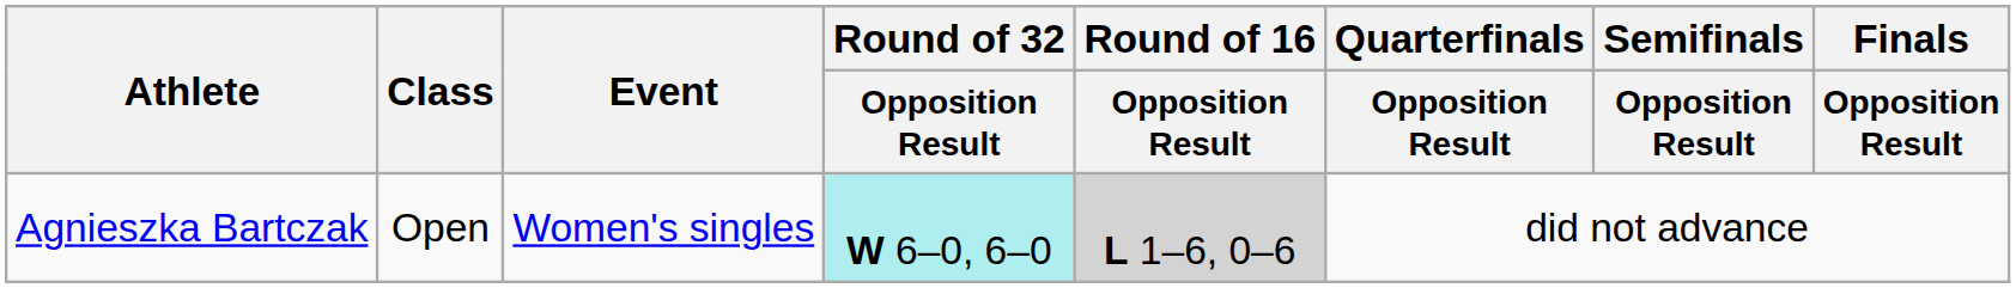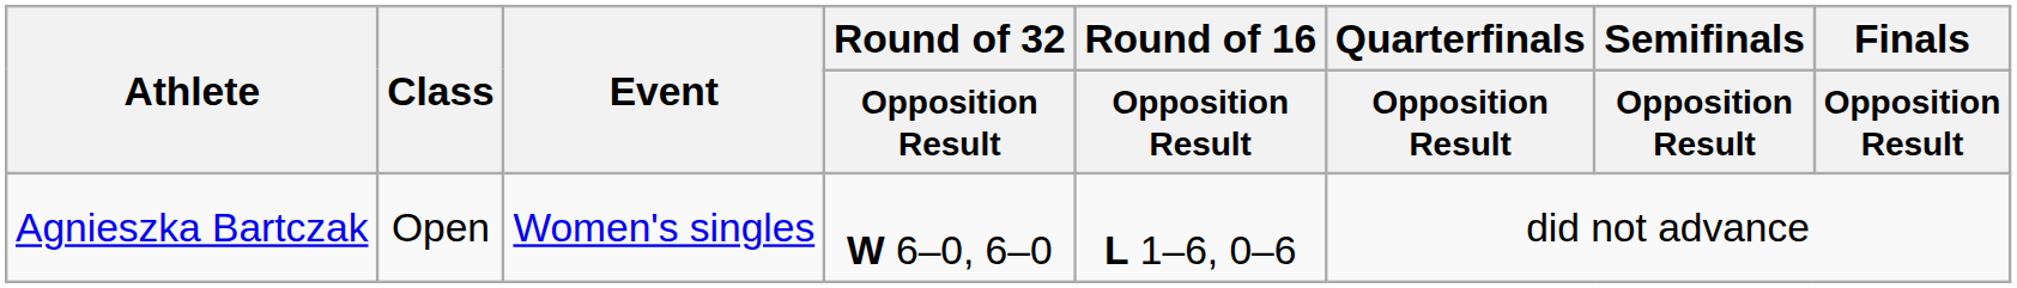 <table class=wikitable style="font-size:90%">
 <tr>
 <th rowspan="2">Athlete</th>
 <th rowspan="2">Class</th>
 <th rowspan="2">Event</th>
 <th>Round of 32</th>
 <th>Round of 16</th>
 <th>Quarterfinals</th>
 <th>Semifinals</th>
 <th>Finals</th>
 </tr>
 <tr>
 <th style="line-height:1em"><small>Opposition<br>Result</small></th>
 <th style="line-height:1em"><small>Opposition<br>Result</small></th>
 <th style="line-height:1em"><small>Opposition<br>Result</small></th>
 <th style="line-height:1em"><small>Opposition<br>Result</small></th>
 <th style="line-height:1em"><small>Opposition<br>Result</small></th>
 </tr>
 <tr>
 <td><a href='#'>Agnieszka Bartczak</a></td>
 <td style="text-align:center;">Open</td>
 <td><a href='#'>Women's singles</a></td>
-<td style="background: paleturquoise; text-align:center;"><br><strong>W</strong> 6–0, 6–0</td>
-<td style="background: lightgrey; text-align:center;"><br><strong>L</strong> 1–6, 0–6</td>
+<td style="text-align:center;"><br><strong>W</strong> 6–0, 6–0</td>
+<td style="text-align:center;"><br><strong>L</strong> 1–6, 0–6</td>
 <td style="text-align:center;" colspan="3">did not advance</td>
 </tr>
 </table>
